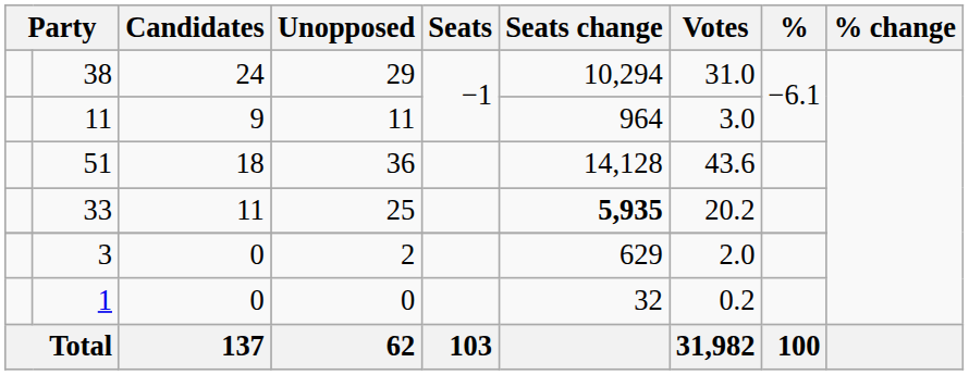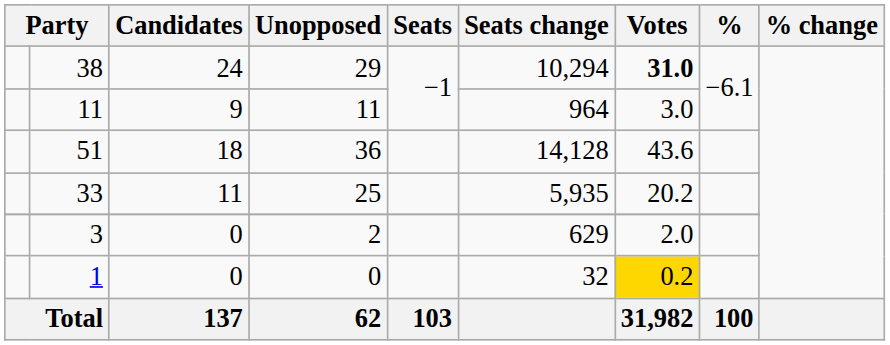 <table class="wikitable sortable">
 <tr>
 <th colspan=2>Party</th>
 <th>Candidates</th>
 <th>Unopposed</th>
 <th>Seats</th>
 <th>Seats change</th>
 <th>Votes</th>
 <th>%</th>
 <th>% change</th>
 </tr>
 <tr>
 <td></td>
 <td align=right>38</td>
 <td align=right>24</td>
 <td align=right>29</td>
 <td align=right rowspan=2>−1</td>
 <td align=right>10,294</td>
-<td align=right>31.0</td>
+<td align=right><strong>31.0</strong></td>
 <td align=right rowspan=2>−6.1</td>
 </tr>
 <tr>
 <td></td>
 <td align=right>11</td>
 <td align=right>9</td>
 <td align=right>11</td>
 <td align=right>964</td>
 <td align=right>3.0</td>
 </tr>
 <tr>
 <td></td>
 <td align=right>51</td>
 <td align=right>18</td>
 <td align=right>36</td>
 <td align=right></td>
 <td align=right>14,128</td>
 <td align=right>43.6</td>
 <td align=right></td>
 </tr>
 <tr>
 <td></td>
 <td align=right>33</td>
 <td align=right>11</td>
 <td align=right>25</td>
 <td align=right></td>
-<td align=right><strong>5,935</strong></td>
+<td align=right>5,935</td>
 <td align=right>20.2</td>
 <td align=right></td>
 </tr>
 <tr>
 </tr>
 <tr>
 <td></td>
 <td align=right>3</td>
 <td align=right>0</td>
 <td align=right>2</td>
 <td align=right></td>
 <td align=right>629</td>
 <td align=right>2.0</td>
 <td align=right></td>
 </tr>
 <tr>
 <td></td>
 <td align=right><a href='#'>1</a></td>
 <td align=right>0</td>
 <td align=right>0</td>
 <td align=right></td>
 <td align=right>32</td>
-<td align=right>0.2</td>
+<td align=right style="background: gold;">0.2</td>
 <td align=right></td>
 </tr>
 <tr class="sortbottom" style="font-weight: bold; text-align: right; background: #f2f2f2;">
 <th colspan="2" style="padding-left: 1.5em; text-align: left;">Total</th>
 <td align=right>137</td>
 <td align=right>62</td>
 <td align=right>103</td>
 <td align=right></td>
 <td align=right>31,982</td>
 <td align=right>100</td>
 <td align=right></td>
 </tr>
 </table>
